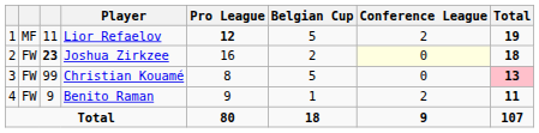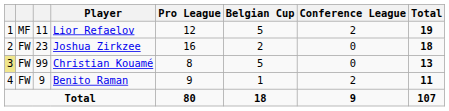 <table class="wikitable sortable" style="text-align:center">
 <tr>
 <th></th>
 <th></th>
 <th></th>
 <th>Player</th>
 <th>Pro League</th>
 <th>Belgian Cup</th>
 <th>Conference League</th>
 <th><strong>Total</strong></th>
 </tr>
 <tr>
 <td>1</td>
 <td>MF</td>
 <td>11</td>
 <td style="text-align:left;"> <a href='#'>Lior Refaelov</a></td>
-<td><strong>12</strong></td>
+<td>12</td>
 <td>5</td>
 <td>2</td>
 <td><strong>19</strong></td>
 </tr>
 <tr>
 <td>2</td>
 <td>FW</td>
-<td><strong>23</strong></td>
+<td>23</td>
 <td style="text-align:left;"> <a href='#'>Joshua Zirkzee</a></td>
 <td>16</td>
 <td>2</td>
-<td style="background: lightyellow;">0</td>
+<td>0</td>
 <td><strong>18</strong></td>
 </tr>
 <tr>
-<td>3</td>
+<td style="background: khaki;">3</td>
 <td>FW</td>
 <td>99</td>
 <td style="text-align:left;"> <a href='#'>Christian Kouamé</a></td>
 <td>8</td>
 <td>5</td>
 <td>0</td>
-<td style="background: pink;"><strong>13</strong></td>
+<td><strong>13</strong></td>
 </tr>
 <tr>
 <td>4</td>
 <td>FW</td>
 <td>9</td>
 <td style="text-align:left;"> <a href='#'>Benito Raman</a></td>
 <td>9</td>
 <td>1</td>
 <td>2</td>
 <td><strong>11</strong></td>
 </tr>
 <tr class="sortbottom">
 <td colspan="4"><strong>Total</strong></td>
 <td><strong>80</strong></td>
 <td><strong>18</strong></td>
 <td><strong>9</strong></td>
 <td><strong>107</strong></td>
 </tr>
 </table>
